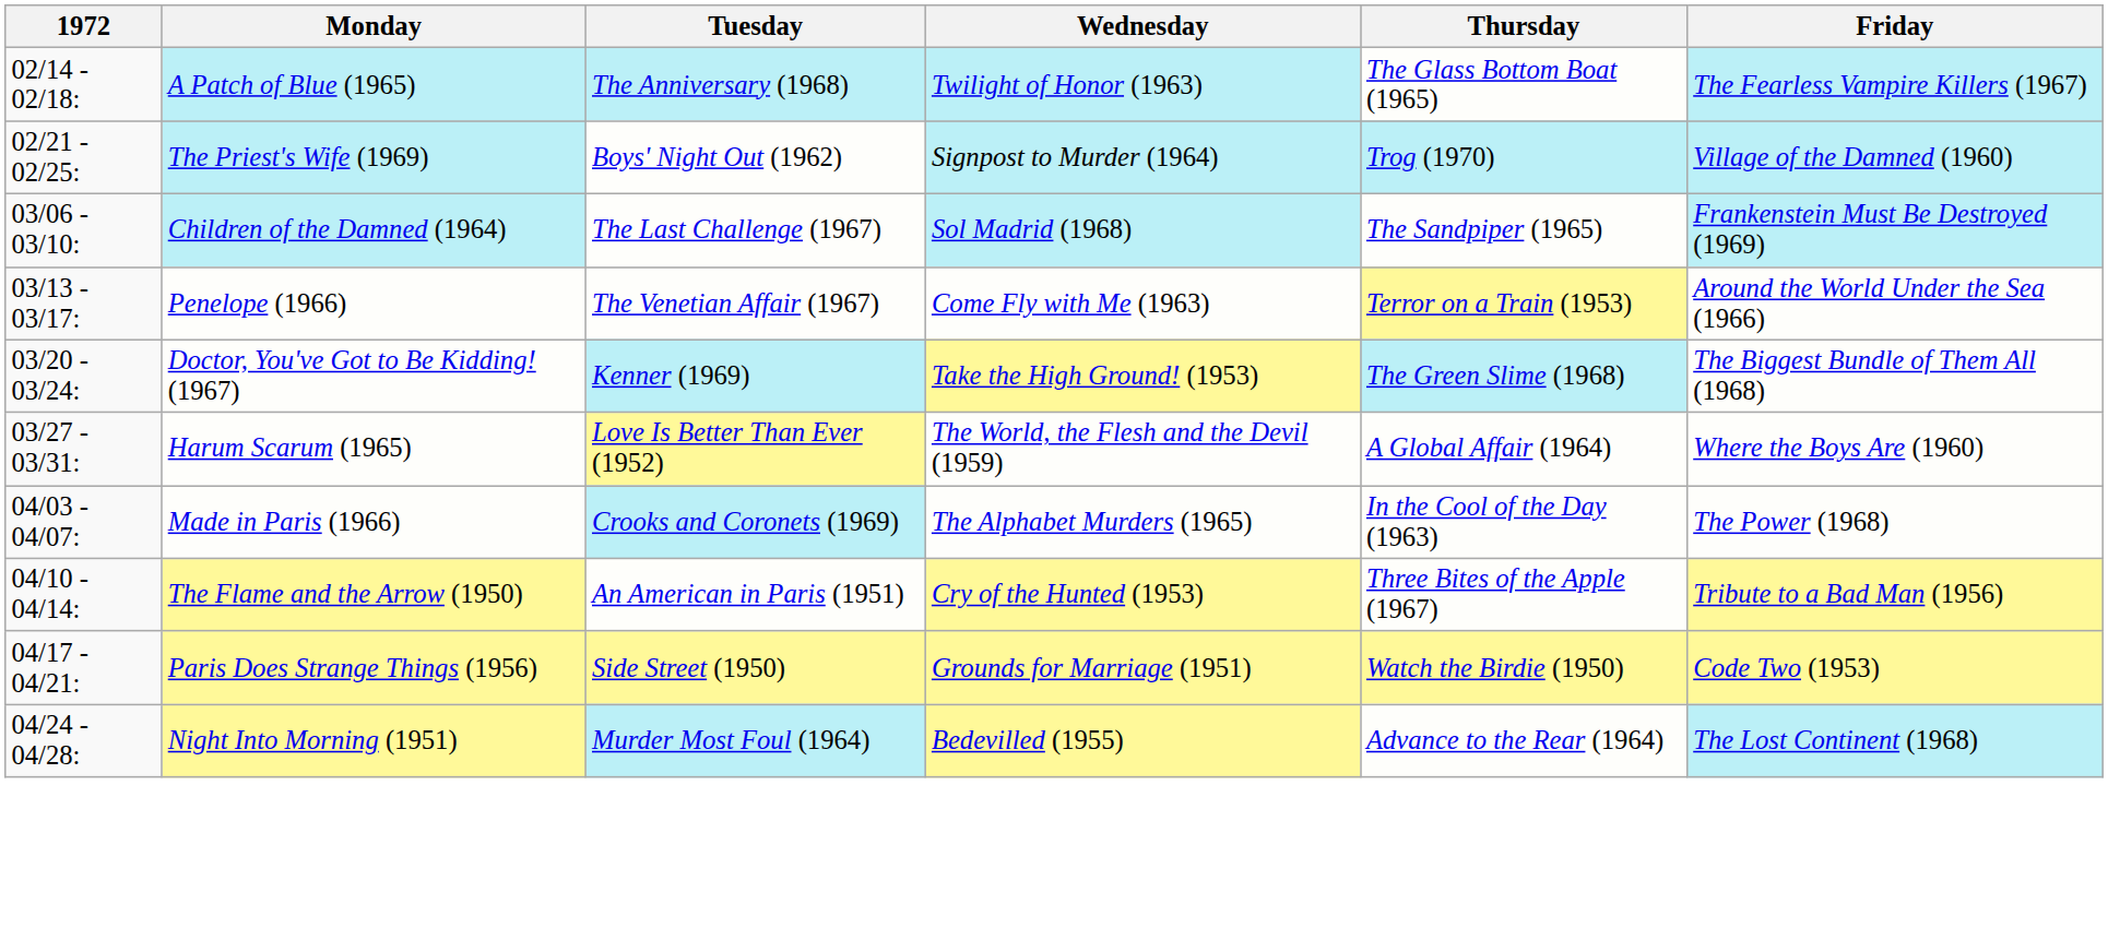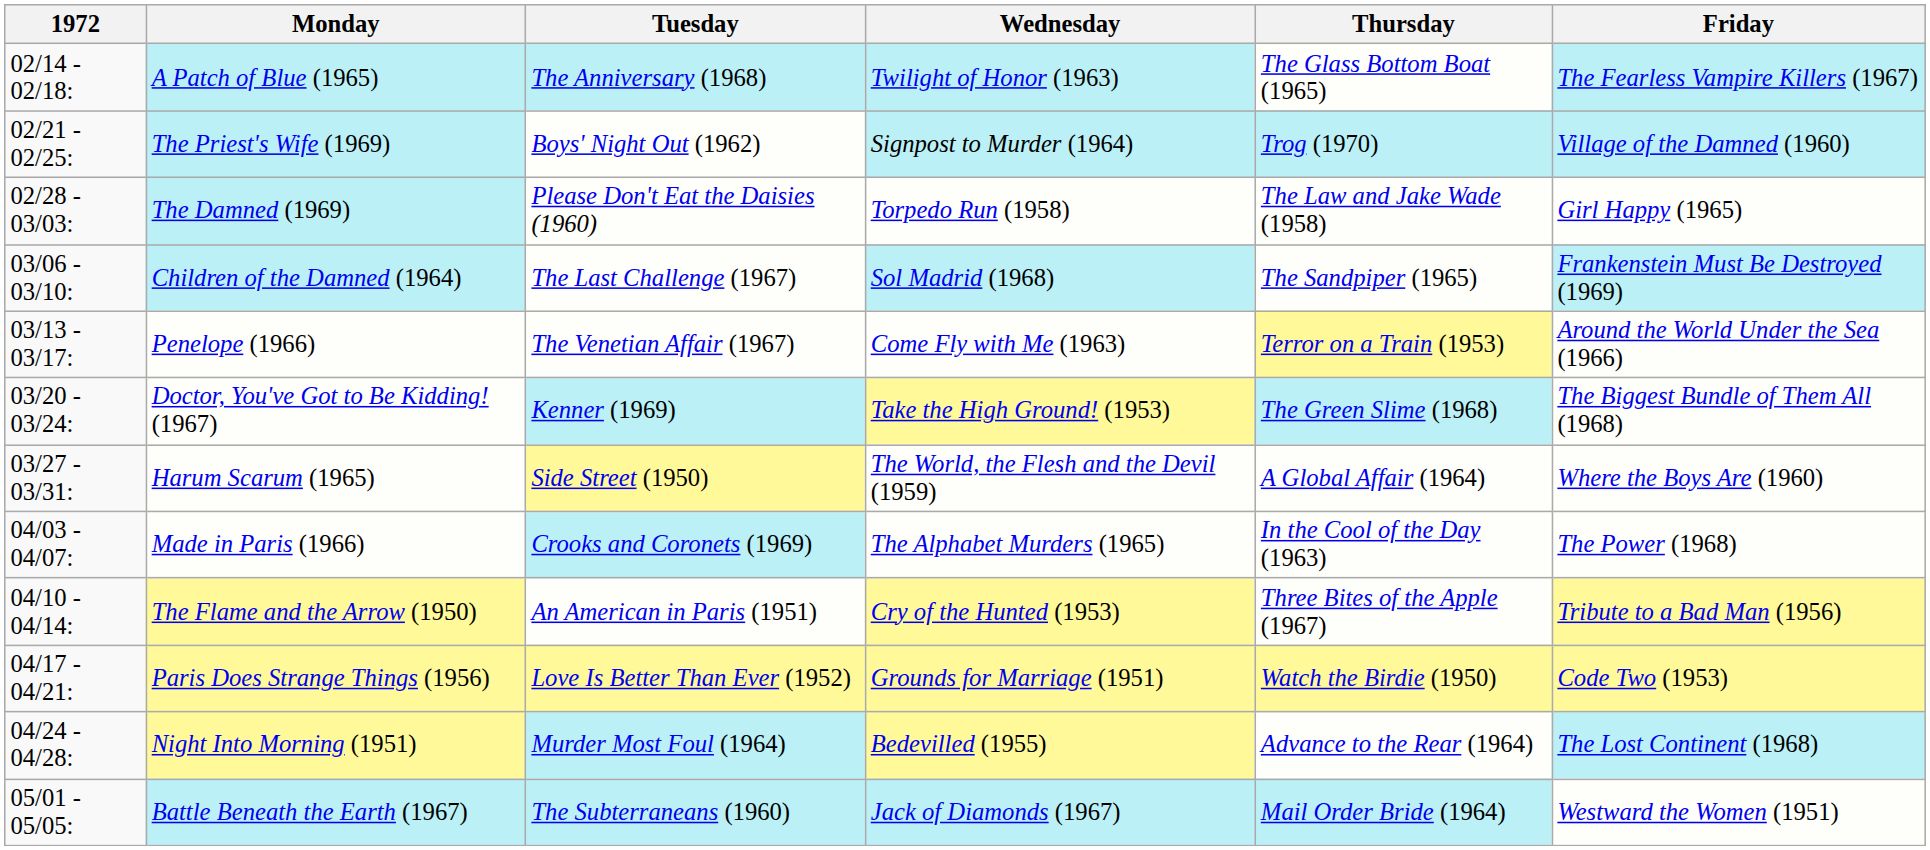 <table class="wikitable">
 <tr>
 <th>1972</th>
 <th>Monday</th>
 <th>Tuesday</th>
 <th>Wednesday</th>
 <th>Thursday</th>
 <th>Friday</th>
 </tr>
 <tr>
 <td>02/14 - 02/18:</td>
 <td bgcolor="#BBF0F7"><em><a href='#'>A Patch of Blue</a></em> (1965)</td>
 <td bgcolor="#BBF0F7"><em><a href='#'>The Anniversary</a></em> (1968)</td>
 <td bgcolor="#BBF0F7"><em><a href='#'>Twilight of Honor</a></em> (1963)</td>
 <td bgcolor="#FEFEFB"><em><a href='#'>The Glass Bottom Boat</a></em> (1965)</td>
 <td bgcolor="#BBF0F7"><em><a href='#'>The Fearless Vampire Killers</a></em> (1967)</td>
 </tr>
 <tr>
 <td>02/21 - 02/25:</td>
 <td bgcolor="#BBF0F7"><em><a href='#'>The Priest's Wife</a></em> (1969)</td>
 <td bgcolor="#FEFEFB"><em><a href='#'>Boys' Night Out</a></em> (1962)</td>
 <td bgcolor="#BBF0F7"><em>Signpost to Murder</em> (1964)</td>
 <td bgcolor="#BBF0F7"><em><a href='#'>Trog</a></em> (1970)</td>
 <td bgcolor="#BBF0F7"><em><a href='#'>Village of the Damned</a></em> (1960)</td>
+</tr>
+<tr>
+<td>02/28 - 03/03:</td>
+<td bgcolor="#BBF0F7"><em><a href='#'>The Damned</a></em> (1969)</td>
+<td bgcolor="#FEFEFB"><em><a href='#'>Please Don't Eat the Daisies</a> (1960)</em></td>
+<td bgcolor="#FEFEFB"><em><a href='#'>Torpedo Run</a></em> (1958)</td>
+<td bgcolor="#FEFEFB"><em><a href='#'>The Law and Jake Wade</a></em> (1958)</td>
+<td bgcolor="#FEFEFB"><em><a href='#'>Girl Happy</a></em> (1965)</td>
 </tr>
 <tr>
 <td>03/06 - 03/10:</td>
 <td bgcolor="#BBF0F7"><em><a href='#'>Children of the Damned</a></em> (1964)</td>
 <td bgcolor="#FEFEFB"><em><a href='#'>The Last Challenge</a></em> (1967)</td>
 <td bgcolor="#BBF0F7"><em><a href='#'>Sol Madrid</a></em> (1968)</td>
 <td bgcolor="#FEFEFB"><em><a href='#'>The Sandpiper</a></em> (1965)</td>
 <td bgcolor="#BBF0F7"><em><a href='#'>Frankenstein Must Be Destroyed</a></em> (1969)</td>
 </tr>
 <tr>
 <td>03/13 - 03/17:</td>
 <td bgcolor="#FEFEFB"><em><a href='#'>Penelope</a></em> (1966)</td>
 <td bgcolor="#FEFEFB"><em><a href='#'>The Venetian Affair</a></em> (1967)</td>
 <td bgcolor="#FEFEFB"><em><a href='#'>Come Fly with Me</a></em> (1963)</td>
 <td bgcolor="#FFF999"><em><a href='#'>Terror on a Train</a></em> (1953)</td>
 <td bgcolor="#FEFEFB"><em><a href='#'>Around the World Under the Sea</a></em> (1966)</td>
 </tr>
 <tr>
 <td>03/20 - 03/24:</td>
 <td bgcolor="#FEFEFB"><em><a href='#'>Doctor, You've Got to Be Kidding!</a></em> (1967)</td>
 <td bgcolor="#BBF0F7"><em><a href='#'>Kenner</a></em> (1969)</td>
 <td bgcolor="#FFF999"><em><a href='#'>Take the High Ground!</a></em> (1953)</td>
 <td bgcolor="#BBF0F7"><em><a href='#'>The Green Slime</a></em> (1968)</td>
 <td bgcolor="#FEFEFB"><em><a href='#'>The Biggest Bundle of Them All</a></em> (1968)</td>
 </tr>
 <tr>
 <td>03/27 - 03/31:</td>
 <td bgcolor="#FEFEFB"><em><a href='#'>Harum Scarum</a></em> (1965)</td>
-<td bgcolor="#FFF999"><em><a href='#'>Love Is Better Than Ever</a></em> (1952)</td>
+<td bgcolor="#FFF999"><em><a href='#'>Side Street</a></em> (1950)</td>
 <td bgcolor="#FEFEFB"><em><a href='#'>The World, the Flesh and the Devil</a></em> (1959)</td>
 <td bgcolor="#FEFEFB"><em><a href='#'>A Global Affair</a></em> (1964)</td>
 <td bgcolor="#FEFEFB"><em><a href='#'>Where the Boys Are</a></em> (1960)</td>
 </tr>
 <tr>
 <td>04/03 - 04/07:</td>
 <td bgcolor="#FEFEFB"><em><a href='#'>Made in Paris</a></em> (1966)</td>
 <td bgcolor="#BBF0F7"><em><a href='#'>Crooks and Coronets</a></em> (1969)</td>
 <td bgcolor="#FEFEFB"><em><a href='#'>The Alphabet Murders</a></em> (1965)</td>
 <td bgcolor="#FEFEFB"><em><a href='#'>In the Cool of the Day</a></em> (1963)</td>
 <td bgcolor="#FEFEFB"><em><a href='#'>The Power</a></em> (1968)</td>
 </tr>
 <tr>
 <td>04/10 - 04/14:</td>
 <td bgcolor="#FFF999"><em><a href='#'>The Flame and the Arrow</a></em> (1950)</td>
 <td bgcolor="#FEFEFB"><em><a href='#'>An American in Paris</a></em> (1951)</td>
 <td bgcolor="#FFF999"><em><a href='#'>Cry of the Hunted</a></em> (1953)</td>
 <td bgcolor="#FEFEFB"><em><a href='#'>Three Bites of the Apple</a></em> (1967)</td>
 <td bgcolor="#FFF999"><em><a href='#'>Tribute to a Bad Man</a></em> (1956)</td>
 </tr>
 <tr>
 <td>04/17 - 04/21:</td>
 <td bgcolor="#FFF999"><em><a href='#'>Paris Does Strange Things</a></em> (1956)</td>
-<td bgcolor="#FFF999"><em><a href='#'>Side Street</a></em> (1950)</td>
+<td bgcolor="#FFF999"><em><a href='#'>Love Is Better Than Ever</a></em> (1952)</td>
 <td bgcolor="#FFF999"><em><a href='#'>Grounds for Marriage</a></em> (1951)</td>
 <td bgcolor="#FFF999"><em><a href='#'>Watch the Birdie</a></em> (1950)</td>
 <td bgcolor="#FFF999"><em><a href='#'>Code Two</a></em> (1953)</td>
 </tr>
 <tr>
 <td>04/24 - 04/28:</td>
 <td bgcolor="#FFF999"><em><a href='#'>Night Into Morning</a></em> (1951)</td>
 <td bgcolor="#BBF0F7"><em><a href='#'>Murder Most Foul</a></em> (1964)</td>
 <td bgcolor="#FFF999"><em><a href='#'>Bedevilled</a></em> (1955)</td>
 <td bgcolor="#FEFEFB"><em><a href='#'>Advance to the Rear</a></em> (1964)</td>
 <td bgcolor="#BBF0F7"><em><a href='#'>The Lost Continent</a></em> (1968)</td>
 </tr>
+<tr>
+<td>05/01 - 05/05:</td>
+<td bgcolor="#BBF0F7"><em><a href='#'>Battle Beneath the Earth</a></em> (1967)</td>
+<td bgcolor="#BBF0F7"><em><a href='#'>The Subterraneans</a></em> (1960)</td>
+<td bgcolor="#BBF0F7"><em><a href='#'>Jack of Diamonds</a></em> (1967)</td>
+<td bgcolor="#BBF0F7"><em><a href='#'>Mail Order Bride</a></em> (1964)</td>
+<td bgcolor="#FEFEFB"><em><a href='#'>Westward the Women</a></em> (1951)</td>
+</tr>
 </table>
